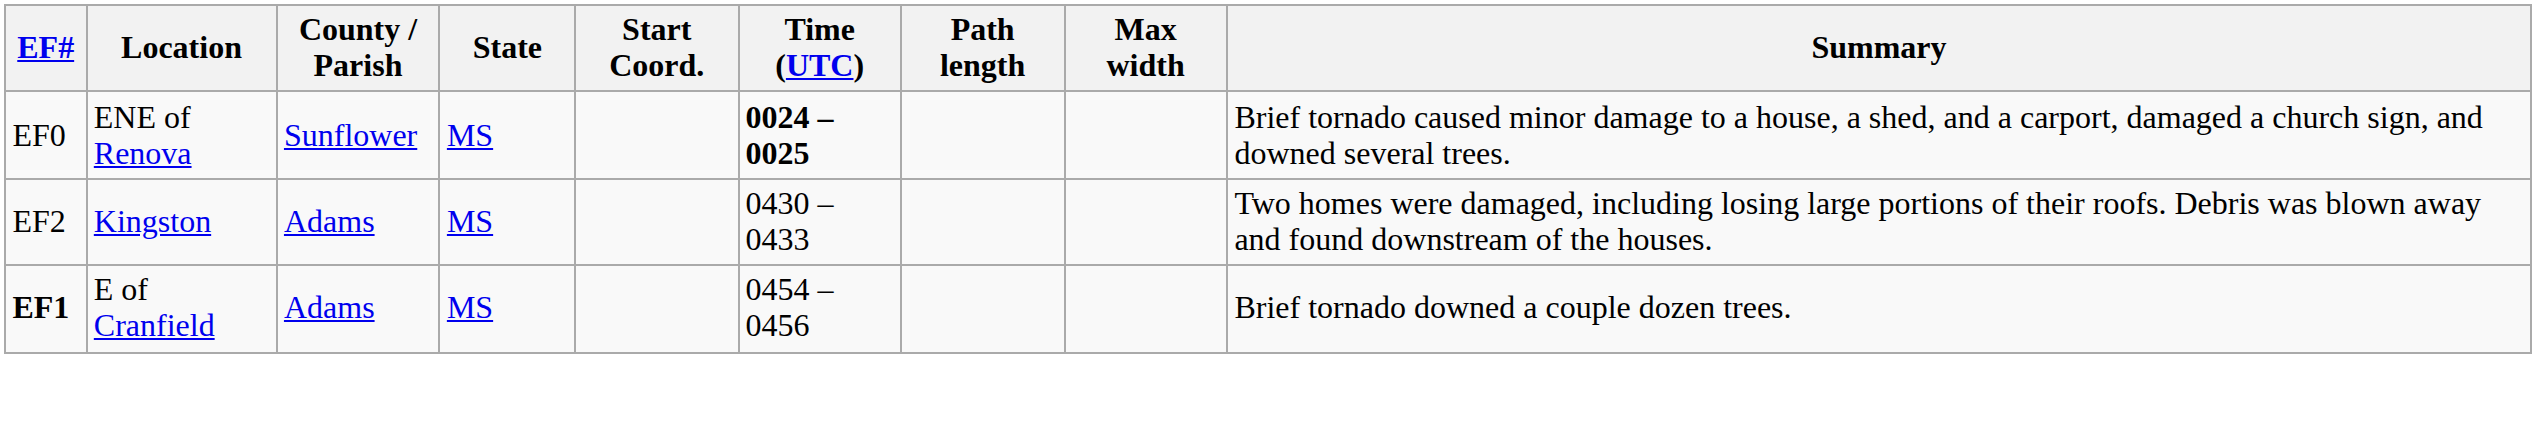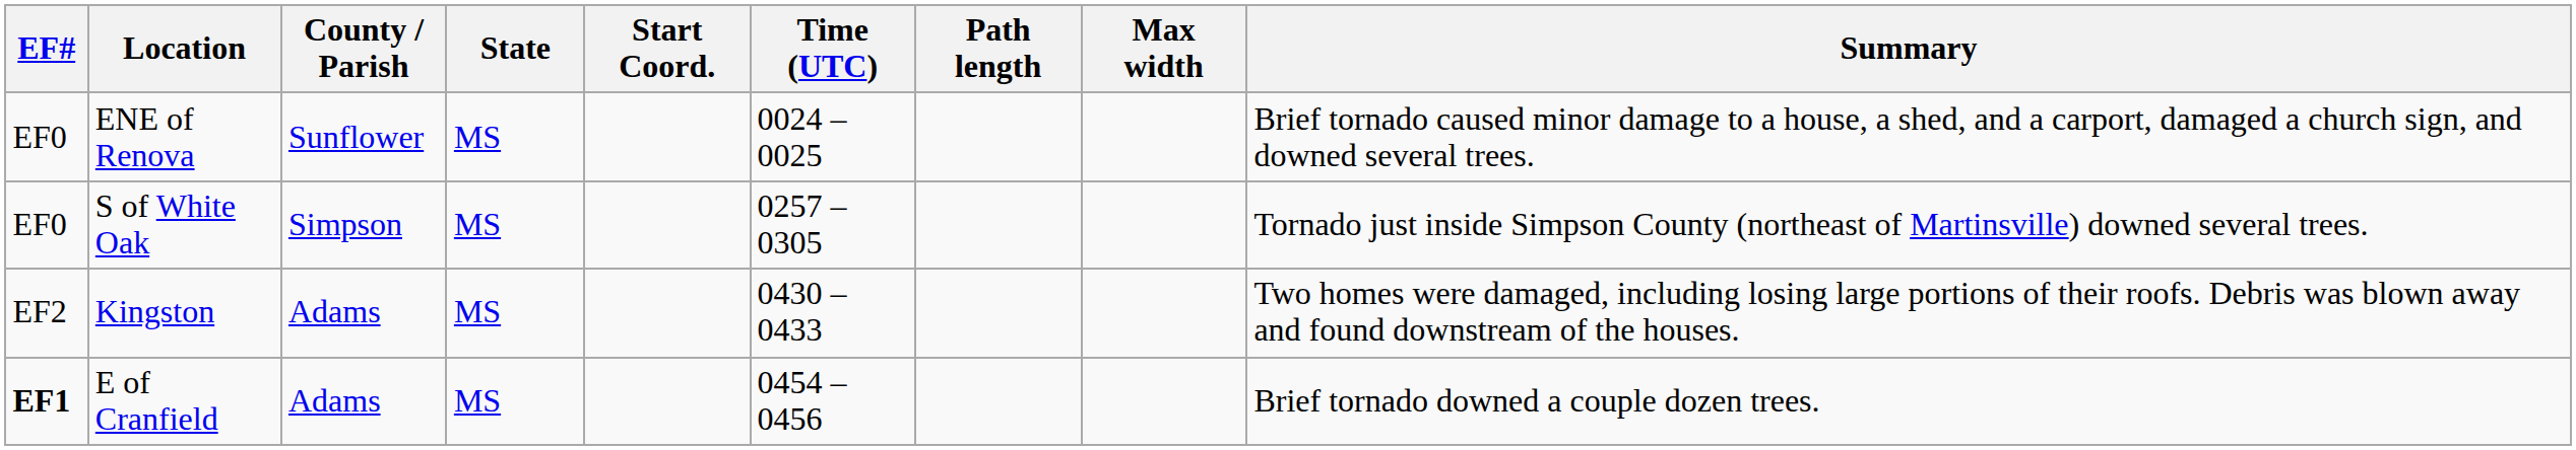 <table class="wikitable sortable" style="width:100%;">
 <tr>
 <th scope="col" width="3%" align="center"><a href='#'>EF#</a></th>
 <th scope="col" width="7%" align="center" class="unsortable">Location</th>
 <th scope="col" width="6%" align="center" class="unsortable">County / Parish</th>
 <th scope="col" width="5%" align="center">State</th>
 <th scope="col" width="6%" align="center">Start Coord.</th>
 <th scope="col" width="6%" align="center">Time (<a href='#'>UTC</a>)</th>
 <th scope="col" width="6%" align="center">Path length</th>
 <th scope="col" width="6%" align="center">Max width</th>
 <th scope="col" width="48%" class="unsortable" align="center">Summary</th>
 </tr>
 <tr>
 <td>EF0</td>
 <td>ENE of <a href='#'>Renova</a></td>
 <td><a href='#'>Sunflower</a></td>
 <td><a href='#'>MS</a></td>
 <td></td>
-<td><strong>0024 – 0025</strong></td>
+<td>0024 – 0025</td>
 <td></td>
 <td></td>
 <td>Brief tornado caused minor damage to a house, a shed, and a carport, damaged a church sign, and downed several trees.</td>
+</tr>
+<tr>
+<td>EF0</td>
+<td>S of <a href='#'>White Oak</a></td>
+<td><a href='#'>Simpson</a></td>
+<td><a href='#'>MS</a></td>
+<td></td>
+<td>0257 – 0305</td>
+<td></td>
+<td></td>
+<td>Tornado just inside Simpson County (northeast of <a href='#'>Martinsville</a>) downed several trees.</td>
 </tr>
 <tr>
 <td>EF2</td>
 <td><a href='#'>Kingston</a></td>
 <td><a href='#'>Adams</a></td>
 <td><a href='#'>MS</a></td>
 <td></td>
 <td>0430 – 0433</td>
 <td></td>
 <td></td>
 <td>Two homes were damaged, including losing large portions of their roofs. Debris was blown away and found downstream of the houses.</td>
 </tr>
 <tr>
 <td><strong>EF1</strong></td>
 <td>E of <a href='#'>Cranfield</a></td>
 <td><a href='#'>Adams</a></td>
 <td><a href='#'>MS</a></td>
 <td></td>
 <td>0454 – 0456</td>
 <td></td>
 <td></td>
 <td>Brief tornado downed a couple dozen trees.</td>
 </tr>
 <tr>
 </tr>
 </table>
